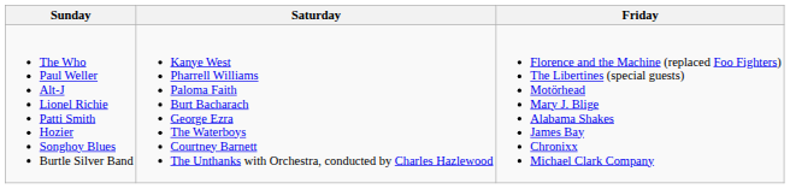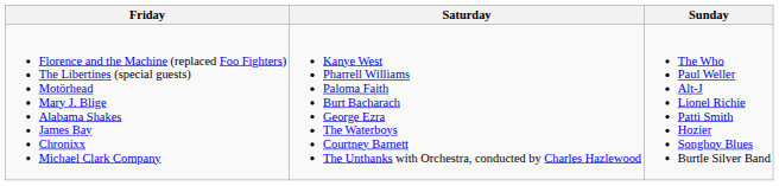 <table class="wikitable">
 <tr>
+<th>Friday</th>
+<th>Saturday</th>
 <th>Sunday</th>
-<th>Saturday</th>
-<th>Friday</th>
 </tr>
 <tr valign="top">
+<td><br><ul><li><a href='#'>Florence and the Machine</a> (replaced <a href='#'>Foo Fighters</a>)</li><li><a href='#'>The Libertines</a> (special guests)</li><li><a href='#'>Motörhead</a></li><li><a href='#'>Mary J. Blige</a></li><li><a href='#'>Alabama Shakes</a></li><li><a href='#'>James Bay</a></li><li><a href='#'>Chronixx</a></li><li><a href='#'>Michael Clark Company</a></li></ul></td>
+<td><br><ul><li><a href='#'>Kanye West</a></li><li><a href='#'>Pharrell Williams</a></li><li><a href='#'>Paloma Faith</a></li><li><a href='#'>Burt Bacharach</a></li><li><a href='#'>George Ezra</a></li><li><a href='#'>The Waterboys</a></li><li><a href='#'>Courtney Barnett</a></li><li><a href='#'>The Unthanks</a> with Orchestra, conducted by <a href='#'>Charles Hazlewood</a></li></ul></td>
 <td><br><ul><li><a href='#'>The Who</a></li><li><a href='#'>Paul Weller</a></li><li><a href='#'>Alt-J</a></li><li><a href='#'>Lionel Richie</a></li><li><a href='#'>Patti Smith</a></li><li><a href='#'>Hozier</a></li><li><a href='#'>Songhoy Blues</a></li><li>Burtle Silver Band</li></ul></td>
-<td><br><ul><li><a href='#'>Kanye West</a></li><li><a href='#'>Pharrell Williams</a></li><li><a href='#'>Paloma Faith</a></li><li><a href='#'>Burt Bacharach</a></li><li><a href='#'>George Ezra</a></li><li><a href='#'>The Waterboys</a></li><li><a href='#'>Courtney Barnett</a></li><li><a href='#'>The Unthanks</a> with Orchestra, conducted by <a href='#'>Charles Hazlewood</a></li></ul></td>
-<td><br><ul><li><a href='#'>Florence and the Machine</a> (replaced <a href='#'>Foo Fighters</a>)</li><li><a href='#'>The Libertines</a> (special guests)</li><li><a href='#'>Motörhead</a></li><li><a href='#'>Mary J. Blige</a></li><li><a href='#'>Alabama Shakes</a></li><li><a href='#'>James Bay</a></li><li><a href='#'>Chronixx</a></li><li><a href='#'>Michael Clark Company</a></li></ul></td>
 </tr>
 </table>
